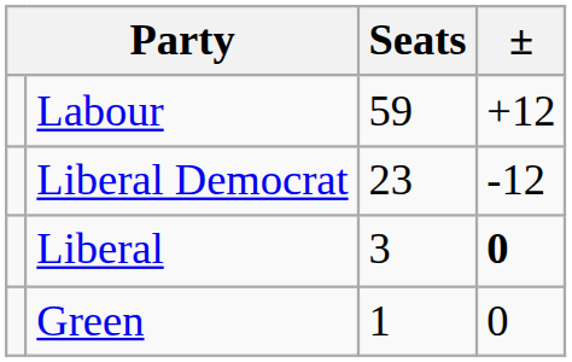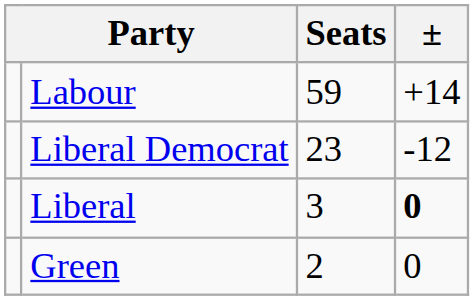 <table class="wikitable">
 <tr>
 <th colspan="2">Party</th>
 <th>Seats</th>
 <th>  ±  </th>
 </tr>
 <tr>
 <td style="background-color: "></td>
 <td><a href='#'>Labour</a></td>
 <td>59</td>
-<td>+12</td>
+<td>+14</td>
 </tr>
 <tr>
 <td style="background-color: "></td>
 <td><a href='#'>Liberal Democrat</a></td>
 <td>23</td>
 <td>-12</td>
 </tr>
 <tr>
 <td style="background-color: "></td>
 <td><a href='#'>Liberal</a></td>
 <td>3</td>
 <td><strong>0</strong></td>
 </tr>
 <tr>
 <td style="background-color: "></td>
 <td><a href='#'>Green</a></td>
-<td>1</td>
+<td>2</td>
 <td>0</td>
 </tr>
 </table>
